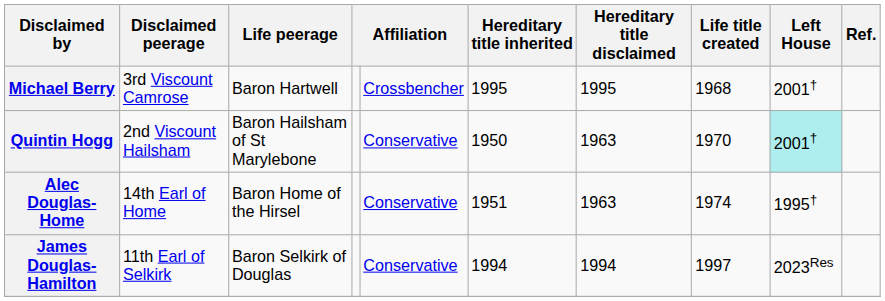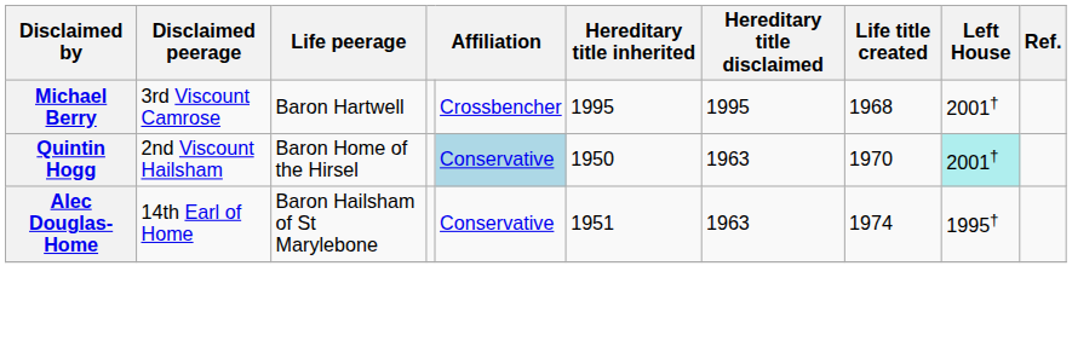 <table class="wikitable plainrowheaders sortable">
 <tr>
 <th scope="col">Disclaimed by</th>
 <th scope="col">Disclaimed peerage</th>
 <th scope="col">Life peerage</th>
 <th colspan="2" scope="col">Affiliation</th>
 <th scope="col">Hereditary title inherited</th>
 <th scope="col">Hereditary title disclaimed</th>
 <th scope="col">Life title created</th>
 <th scope="col">Left House</th>
 <th class="unsortable" scope="col"><abbr>Ref.</abbr></th>
 </tr>
 <tr>
 <th scope="row"><a href='#'>Michael Berry</a></th>
 <td>3rd <a href='#'>Viscount Camrose</a></td>
 <td>Baron Hartwell</td>
 <td style="background-color: "></td>
 <td><a href='#'>Crossbencher</a></td>
 <td>1995</td>
 <td>1995</td>
 <td>1968</td>
 <td>2001<sup>†</sup></td>
 <td></td>
 </tr>
 <tr>
 <th scope="row"><a href='#'>Quintin Hogg</a></th>
 <td>2nd <a href='#'>Viscount Hailsham</a></td>
-<td>Baron Hailsham of St Marylebone</td>
+<td>Baron Home of the Hirsel</td>
 <td style="background-color: "></td>
-<td><a href='#'>Conservative</a></td>
+<td style="background: lightblue;"><a href='#'>Conservative</a></td>
 <td>1950</td>
 <td>1963</td>
 <td>1970</td>
 <td style="background: paleturquoise;">2001<sup>†</sup></td>
 <td></td>
 </tr>
 <tr>
 <th scope="row"><a href='#'>Alec Douglas-Home</a></th>
 <td>14th <a href='#'>Earl of Home</a></td>
-<td>Baron Home of the Hirsel</td>
+<td>Baron Hailsham of St Marylebone</td>
 <td style="background-color: "></td>
 <td><a href='#'>Conservative</a></td>
 <td>1951</td>
 <td>1963</td>
 <td>1974</td>
 <td>1995<sup>†</sup></td>
 <td></td>
 </tr>
 <tr>
-<th scope="row"><a href='#'>James Douglas-Hamilton</a></th>
-<td>11th <a href='#'>Earl of Selkirk</a></td>
-<td>Baron Selkirk of Douglas</td>
-<td style="background-color: "></td>
-<td><a href='#'>Conservative</a></td>
-<td>1994</td>
-<td>1994</td>
-<td>1997</td>
-<td>2023<sup>Res</sup></td>
-<td></td>
-</tr>
-<tr>
 </tr>
 </table>
